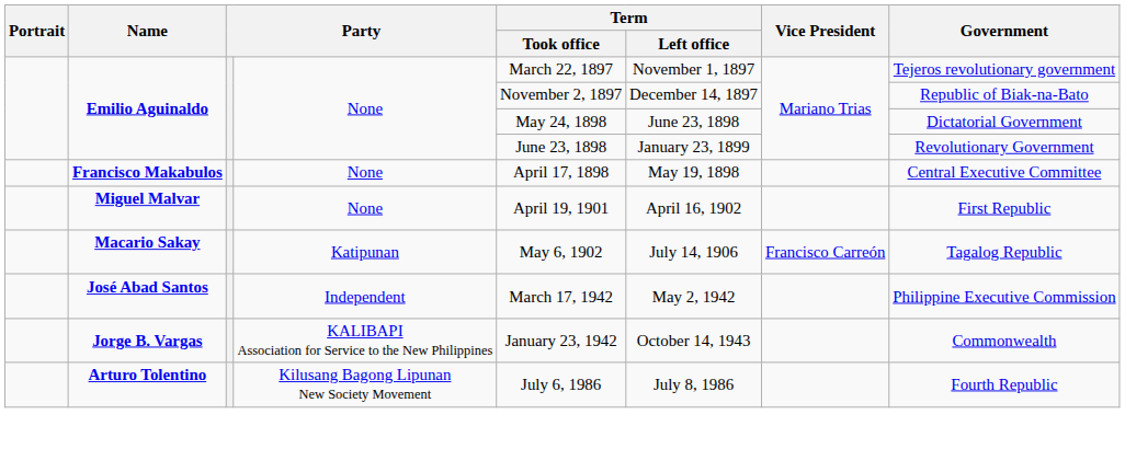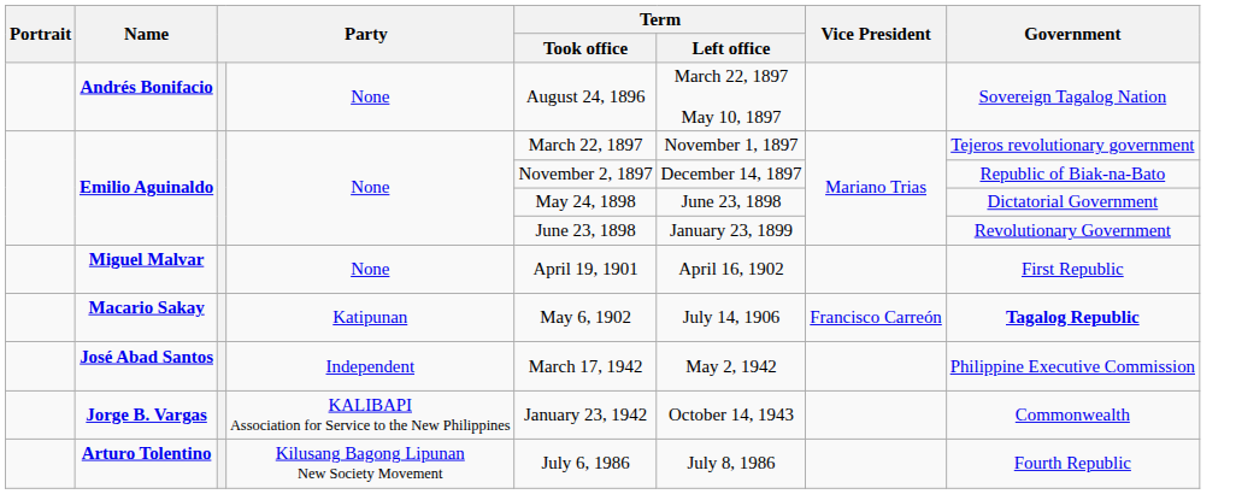 <table class="wikitable sortable sticky-header" style=text-align:center;>
 <tr>
 <th scope=col class=unsortable rowspan="2">Portrait</th>
 <th scope=col class=unsortable rowspan="2">Name<br></th>
 <th scope=col colspan="2" rowspan="2">Party</th>
 <th scope=col class=unsortable colspan="2">Term</th>
 <th scope=col class=unsortable rowspan="2">Vice President</th>
 <th scope=col rowspan="2">Government</th>
 </tr>
 <tr>
 <th>Took office</th>
 <th>Left office</th>
+</tr>
+<tr>
+<td></td>
+<td><strong><a href='#'>Andrés Bonifacio</a></strong><br><br></td>
+<th style="background:"></th>
+<td><a href='#'>None</a></td>
+<td>August 24, 1896</td>
+<td>March 22, 1897<br><br>May 10, 1897</td>
+<td></td>
+<td><a href='#'>Sovereign Tagalog Nation</a></td>
 </tr>
 <tr>
 <td rowspan="4"></td>
 <td rowspan="4"><strong><a href='#'>Emilio Aguinaldo</a></strong><br></td>
 <th rowspan="4" style="background:"></th>
 <td rowspan="4"><a href='#'>None</a></td>
 <td>March 22, 1897</td>
 <td>November 1, 1897</td>
 <td rowspan="4"><a href='#'>Mariano Trias</a></td>
 <td><a href='#'>Tejeros revolutionary government</a></td>
 </tr>
 <tr>
 <td>November 2, 1897</td>
 <td>December 14, 1897</td>
 <td><a href='#'>Republic of Biak-na-Bato</a></td>
 </tr>
 <tr>
 <td>May 24, 1898</td>
 <td>June 23, 1898</td>
 <td><a href='#'>Dictatorial Government</a></td>
 </tr>
 <tr>
 <td>June 23, 1898</td>
 <td>January 23, 1899</td>
 <td><a href='#'>Revolutionary Government</a></td>
 </tr>
 <tr>
 <td></td>
-<td><strong><a href='#'>Francisco Makabulos</a></strong><br></td>
-<th style="background:"></th>
-<td><a href='#'>None</a></td>
-<td>April 17, 1898</td>
-<td>May 19, 1898</td>
-<td></td>
-<td><a href='#'>Central Executive Committee</a></td>
-</tr>
-<tr>
-<td></td>
 <td><strong><a href='#'>Miguel Malvar</a></strong><br><br></td>
 <th style="background:"></th>
 <td><a href='#'>None</a></td>
 <td>April 19, 1901</td>
 <td>April 16, 1902</td>
 <td></td>
 <td><a href='#'>First Republic</a></td>
 </tr>
 <tr>
 <td></td>
 <td><strong><a href='#'>Macario Sakay</a></strong><br><br></td>
 <th style="background:"></th>
 <td><a href='#'>Katipunan</a> <br></td>
 <td>May 6, 1902</td>
 <td>July 14, 1906</td>
 <td><a href='#'>Francisco Carreón</a></td>
-<td><a href='#'>Tagalog Republic</a></td>
+<td><strong><a href='#'>Tagalog Republic</a></strong></td>
 </tr>
 <tr>
 <td></td>
 <td><strong><a href='#'>José Abad Santos</a></strong><br><br></td>
 <th style="background:"></th>
 <td><a href='#'>Independent</a></td>
 <td>March 17, 1942</td>
 <td>May 2, 1942</td>
 <td></td>
 <td><a href='#'>Philippine Executive Commission</a></td>
 </tr>
 <tr>
 <td></td>
 <td><strong><a href='#'>Jorge B. Vargas</a></strong><br></td>
 <th style="background:"></th>
 <td><a href='#'>KALIBAPI</a><br><small>Association for Service to the New Philippines</small></td>
 <td>January 23, 1942</td>
 <td>October 14, 1943</td>
 <td></td>
 <td><a href='#'>Commonwealth</a></td>
 </tr>
 <tr>
 <td></td>
 <td><strong><a href='#'>Arturo Tolentino</a></strong><br><br></td>
 <th style="background:"></th>
 <td><a href='#'>Kilusang Bagong Lipunan</a><br><small>New Society Movement</small></td>
 <td>July 6, 1986</td>
 <td>July 8, 1986</td>
 <td></td>
 <td><a href='#'>Fourth Republic</a></td>
 </tr>
 </table>
